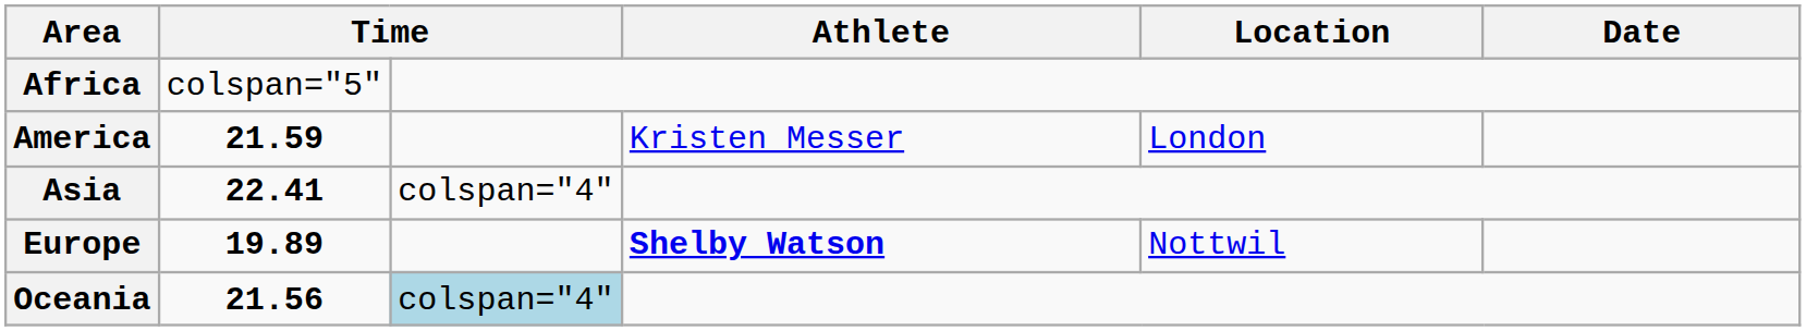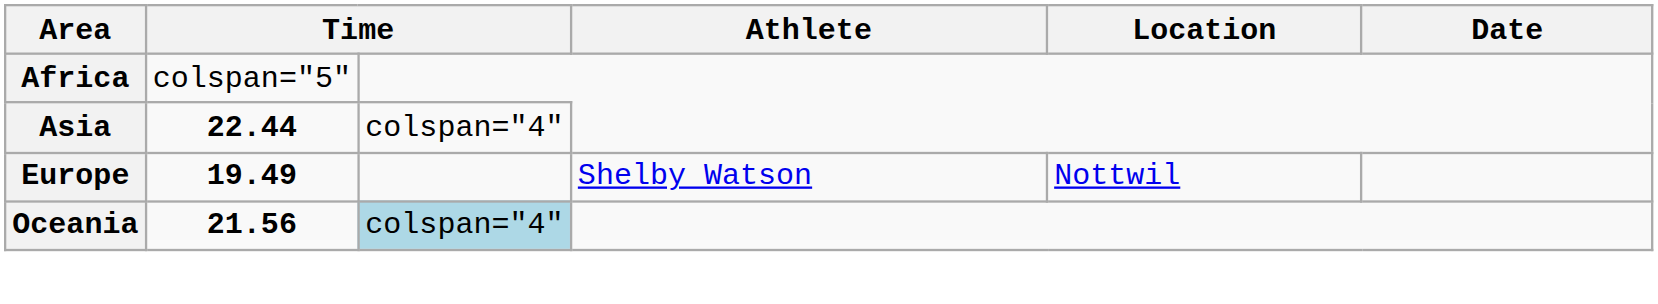 <table class="wikitable">
 <tr>
 <th width="45">Area</th>
 <th width="80" colspan="2">Time</th>
 <th width="200">Athlete</th>
 <th width="130">Location</th>
 <th width="120">Date</th>
 </tr>
 <tr>
 <th>Africa</th>
 <td>colspan="5" </td>
 </tr>
 <tr>
-<th>America</th>
-<td align="center"><strong>21.59</strong></td>
-<td align="center"><strong></strong></td>
-<td> <a href='#'>Kristen Messer</a></td>
-<td> <a href='#'>London</a></td>
-<td align="right"></td>
-</tr>
-<tr>
 <th>Asia</th>
-<td align="center"><strong>22.41</strong></td>
+<td align="center"><strong>22.44</strong></td>
 <td>colspan="4" </td>
 </tr>
 <tr>
 <th>Europe</th>
-<td align="center"><strong>19.89</strong></td>
+<td align="center"><strong>19.49</strong></td>
 <td align="center"><strong></strong></td>
-<td><strong> <a href='#'>Shelby Watson</a></strong></td>
+<td> <a href='#'>Shelby Watson</a></td>
 <td> <a href='#'>Nottwil</a></td>
 <td align="right"></td>
 </tr>
 <tr>
 <th>Oceania</th>
 <td align="center"><strong>21.56</strong></td>
 <td style="background: lightblue;">colspan="4" </td>
 </tr>
 </table>
